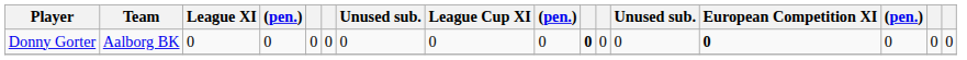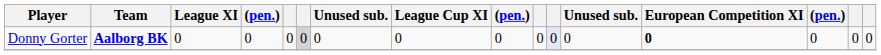 <table class="wikitable sortable" border="1">
 <tr>
 <th>Player</th>
 <th>Team</th>
 <th>League XI</th>
 <th>(<a href='#'>pen.</a>)</th>
 <th></th>
 <th></th>
 <th>Unused sub.</th>
 <th>League Cup XI</th>
 <th>(<a href='#'>pen.</a>)</th>
 <th></th>
 <th></th>
 <th>Unused sub.</th>
 <th>European Competition XI</th>
 <th>(<a href='#'>pen.</a>)</th>
 <th></th>
 <th></th>
 </tr>
 <tr>
 <td> <a href='#'>Donny Gorter</a></td>
-<td> <a href='#'>Aalborg BK</a></td>
+<td><strong> <a href='#'>Aalborg BK</a></strong></td>
+<td>0</td>
+<td>0</td>
+<td>0</td>
+<td style="background: lightgrey;">0</td>
 <td>0</td>
 <td>0</td>
 <td>0</td>
 <td>0</td>
-<td>0</td>
-<td>0</td>
-<td>0</td>
-<td><strong>0</strong></td>
-<td>0</td>
+<td style="background: lavender;">0</td>
 <td>0</td>
 <td><strong>0</strong></td>
 <td>0</td>
 <td>0</td>
 <td>0</td>
 </tr>
 <tr>
 </tr>
 </table>
